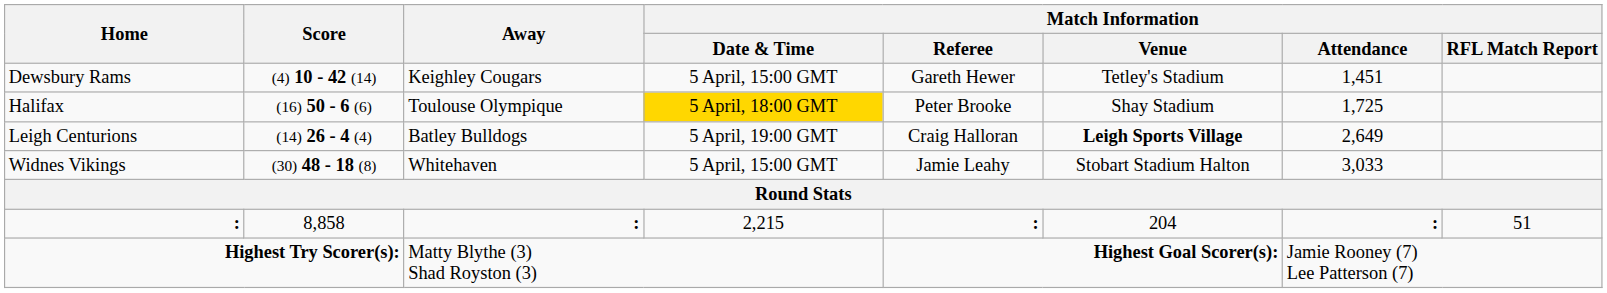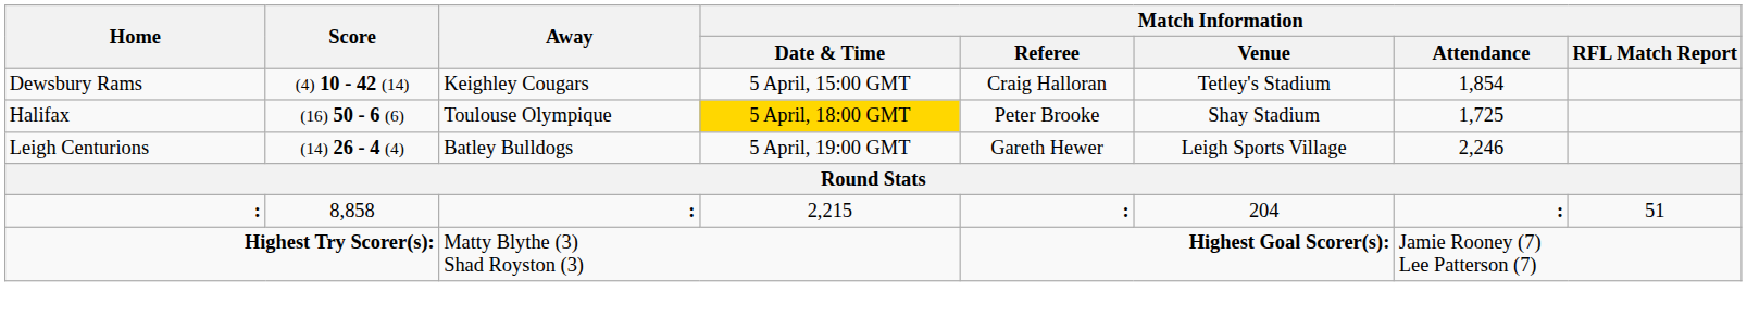 <table class="wikitable" style="text-align: center; cellpadding=3 cellspacing=0 width=95%">
 <tr>
 <th rowspan=2 width=15%>Home</th>
 <th rowspan=2 width=10%>Score</th>
 <th rowspan=2 width=15%>Away</th>
 <th colspan=5>Match Information</th>
 </tr>
 <tr>
 <th width=15%>Date & Time</th>
 <th width=10%>Referee</th>
 <th width=15%>Venue</th>
 <th width=10%>Attendance</th>
 <th width=10%>RFL Match Report</th>
 </tr>
 <tr>
 <td align=left> Dewsbury Rams</td>
 <td><small>(4)</small> <strong>10 - 42</strong> <small>(14)</small></td>
 <td align=left> Keighley Cougars</td>
 <td>5 April, 15:00 GMT</td>
-<td>Gareth Hewer</td>
+<td>Craig Halloran</td>
 <td>Tetley's Stadium</td>
-<td>1,451</td>
+<td>1,854</td>
 <td align="center"></td>
 </tr>
 <tr>
 <td align=left> Halifax</td>
 <td><small>(16)</small> <strong>50 - 6</strong> <small>(6)</small></td>
 <td align=left> Toulouse Olympique</td>
 <td style="background: gold;">5 April, 18:00 GMT</td>
 <td>Peter Brooke</td>
 <td>Shay Stadium</td>
 <td>1,725</td>
 <td align="center"></td>
 </tr>
 <tr>
 <td align=left> Leigh Centurions</td>
 <td><small>(14)</small> <strong>26 - 4</strong> <small>(4)</small></td>
 <td align=left> Batley Bulldogs</td>
 <td>5 April, 19:00 GMT</td>
-<td>Craig Halloran</td>
-<td><strong>Leigh Sports Village</strong></td>
-<td>2,649</td>
-<td align="center"></td>
-</tr>
-<tr>
-<td align=left> Widnes Vikings</td>
-<td><small>(30)</small> <strong>48 - 18</strong> <small>(8)</small></td>
-<td align=left> Whitehaven</td>
-<td>5 April, 15:00 GMT</td>
-<td>Jamie Leahy</td>
-<td>Stobart Stadium Halton</td>
-<td>3,033</td>
+<td>Gareth Hewer</td>
+<td>Leigh Sports Village</td>
+<td>2,246</td>
 <td align="center"></td>
 </tr>
 <tr>
 <th colspan=8>Round Stats</th>
 </tr>
 <tr>
 <td colspan=1 align=right><strong>:</strong></td>
 <td colspan=1>8,858</td>
 <td colspan=1 align=right><strong>:</strong></td>
 <td colspan=1>2,215</td>
 <td colspan=1 align=right><strong>:</strong></td>
 <td colspan=1>204</td>
 <td colspan=1 align=right><strong>:</strong></td>
 <td colspan=1>51</td>
 </tr>
 <tr>
 <td colspan=2 valign="top" align=right><strong>Highest Try Scorer(s):</strong></td>
 <td colspan=2 valign="top" align=left> Matty Blythe (3)<br> Shad Royston (3)</td>
 <td colspan=2 valign="top" align=right><strong>Highest Goal Scorer(s):</strong></td>
 <td colspan=2 valign="top" align=left> Jamie Rooney (7)<br> Lee Patterson (7)</td>
 </tr>
 </table>
